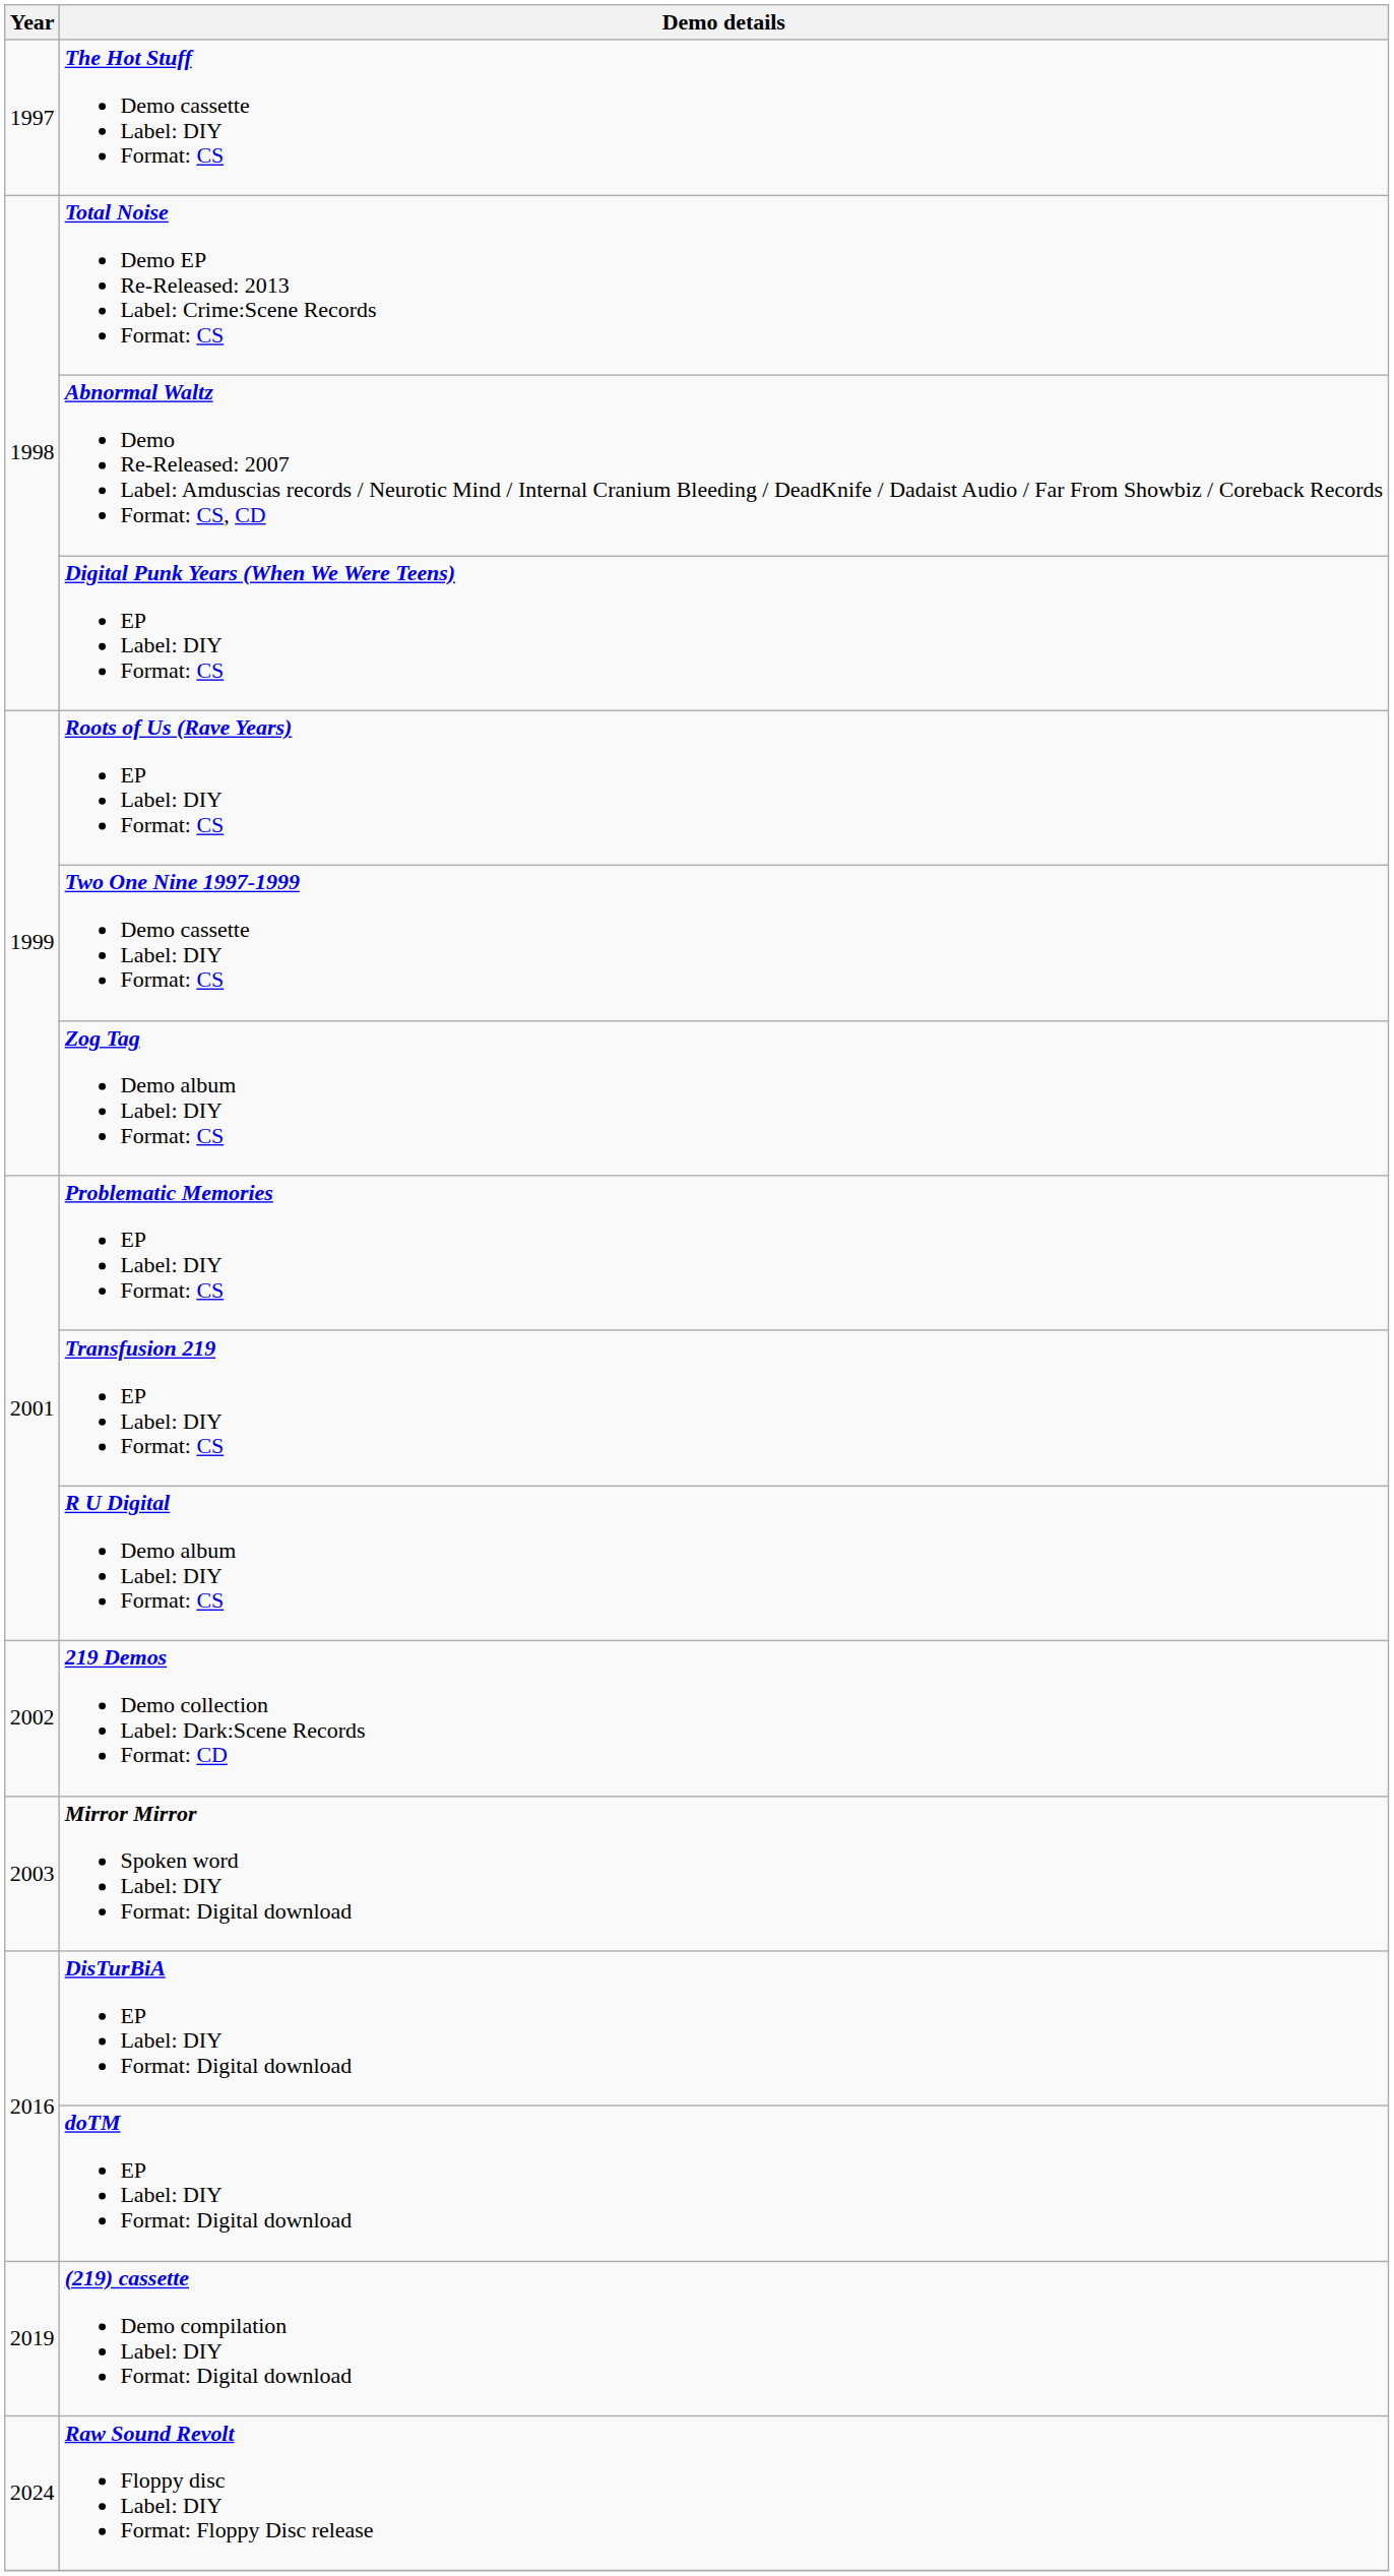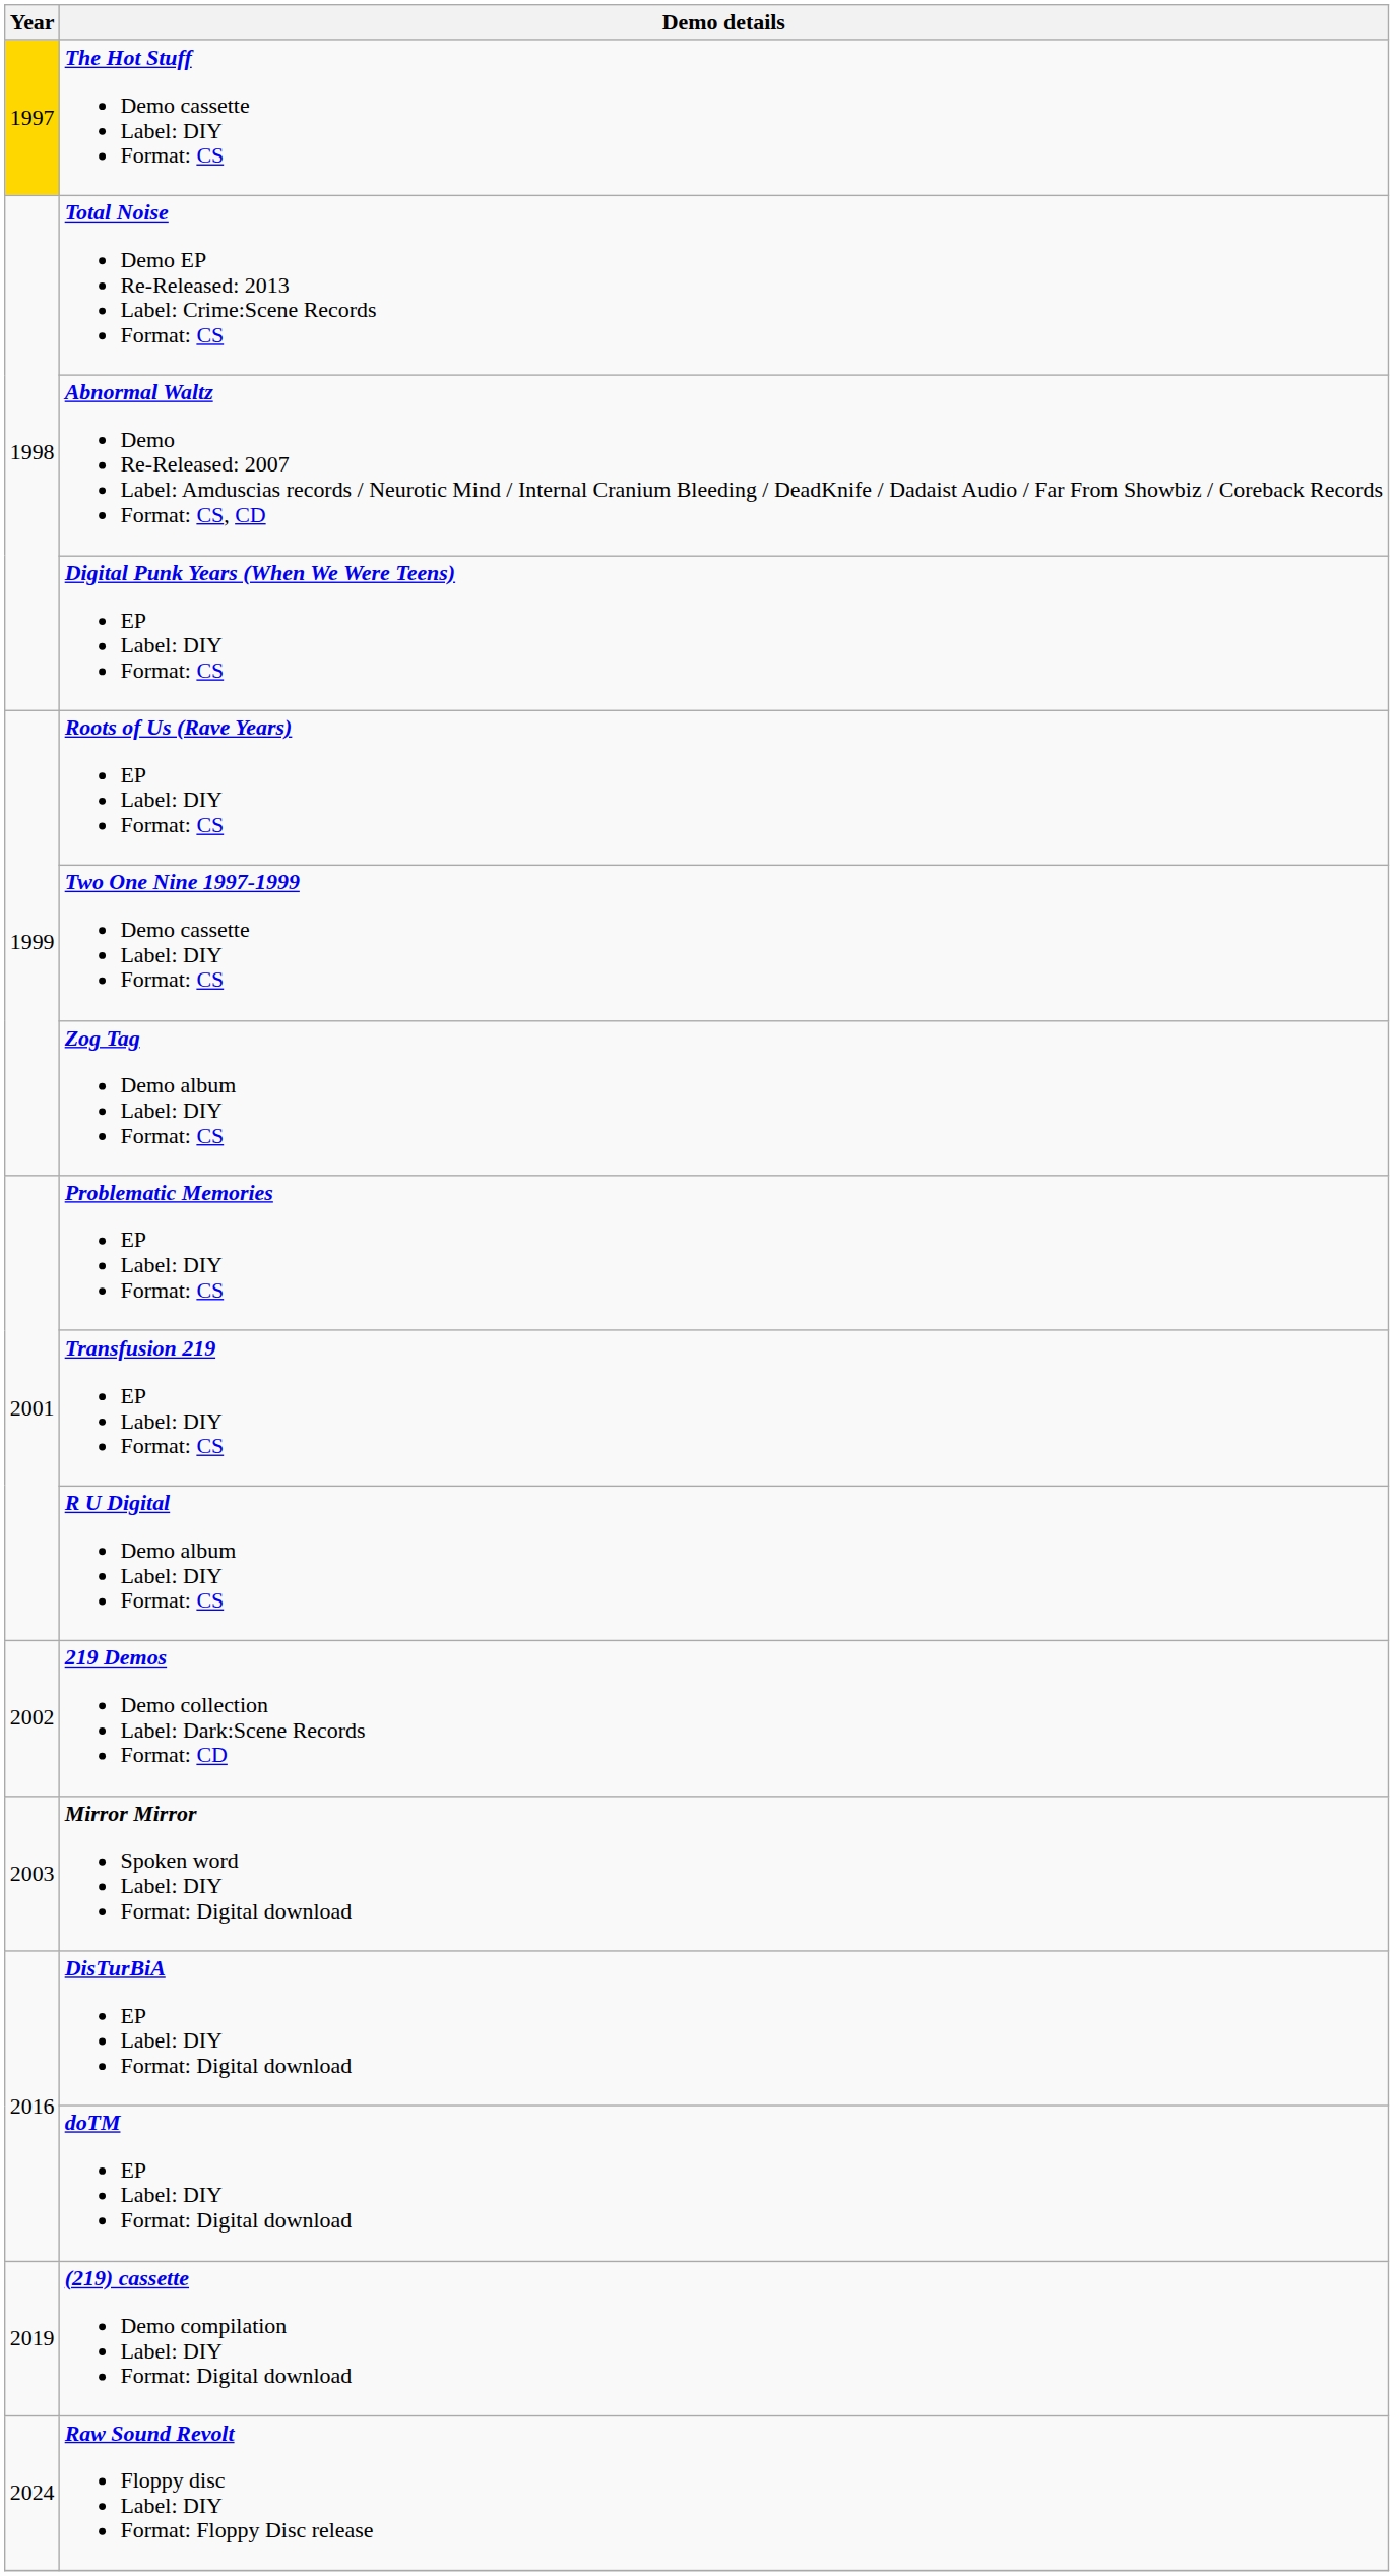 <table class ="wikitable">
 <tr>
 <th>Year</th>
 <th>Demo details</th>
 </tr>
 <tr>
-<td align="center" rowspan="1">1997</td>
+<td align="center" rowspan="1" style="background: gold;">1997</td>
 <td><strong><em><a href='#'>The Hot Stuff</a></em></strong><br><ul><li>Demo cassette</li><li>Label: DIY</li><li>Format: <a href='#'>CS</a></li></ul></td>
 </tr>
 <tr>
 <td align="center" rowspan="3">1998</td>
 <td><strong><em><a href='#'>Total Noise</a></em></strong><br><ul><li>Demo EP</li><li>Re-Released: 2013</li><li>Label: Crime:Scene Records</li><li>Format: <a href='#'>CS</a></li></ul></td>
 </tr>
 <tr>
 <td><strong><em><a href='#'>Abnormal Waltz</a></em></strong><br><ul><li>Demo</li><li>Re-Released: 2007</li><li>Label: Amduscias records / Neurotic Mind / Internal Cranium Bleeding / DeadKnife / Dadaist Audio / Far From Showbiz / Coreback Records</li><li>Format: <a href='#'>CS</a>, <a href='#'>CD</a></li></ul></td>
 </tr>
 <tr>
 <td><strong><em><a href='#'>Digital Punk Years (When We Were Teens)</a></em></strong><br><ul><li>EP</li><li>Label: DIY</li><li>Format: <a href='#'>CS</a></li></ul></td>
 </tr>
 <tr>
 <td align="center" rowspan="3">1999</td>
 <td><strong><em><a href='#'>Roots of Us (Rave Years)</a></em></strong><br><ul><li>EP</li><li>Label: DIY</li><li>Format: <a href='#'>CS</a></li></ul></td>
 </tr>
 <tr>
 <td><strong><em><a href='#'>Two One Nine 1997-1999</a></em></strong><br><ul><li>Demo cassette</li><li>Label: DIY</li><li>Format: <a href='#'>CS</a></li></ul></td>
 </tr>
 <tr>
 <td><strong><em><a href='#'>Zog Tag</a></em></strong><br><ul><li>Demo album</li><li>Label: DIY</li><li>Format: <a href='#'>CS</a></li></ul></td>
 </tr>
 <tr>
 <td align="center" rowspan="3">2001</td>
 <td><strong><em><a href='#'>Problematic Memories</a></em></strong><br><ul><li>EP</li><li>Label: DIY</li><li>Format: <a href='#'>CS</a></li></ul></td>
 </tr>
 <tr>
 <td><strong><em><a href='#'>Transfusion 219</a></em></strong><br><ul><li>EP</li><li>Label: DIY</li><li>Format: <a href='#'>CS</a></li></ul></td>
 </tr>
 <tr>
 <td><strong><em><a href='#'>R U Digital</a></em></strong><br><ul><li>Demo album</li><li>Label: DIY</li><li>Format: <a href='#'>CS</a></li></ul></td>
 </tr>
 <tr>
 <td align="center" rowspan="1">2002</td>
 <td><strong><em><a href='#'>219 Demos</a></em></strong><br><ul><li>Demo collection</li><li>Label: Dark:Scene Records</li><li>Format: <a href='#'>CD</a></li></ul></td>
 </tr>
 <tr>
 <td align="center" rowspan="1">2003</td>
 <td><strong><em>Mirror Mirror</em></strong><br><ul><li>Spoken word</li><li>Label: DIY</li><li>Format: Digital download</li></ul></td>
 </tr>
 <tr>
 <td align="center" rowspan="2">2016</td>
 <td><strong><em><a href='#'>DisTurBiA</a></em></strong><br><ul><li>EP</li><li>Label: DIY</li><li>Format: Digital download</li></ul></td>
 </tr>
 <tr>
 <td><strong><em><a href='#'>doTM</a></em></strong><br><ul><li>EP</li><li>Label: DIY</li><li>Format: Digital download</li></ul></td>
 </tr>
 <tr>
 <td align="center" rowspan="1">2019</td>
 <td><strong><em><a href='#'>(219) cassette</a></em></strong><br><ul><li>Demo compilation</li><li>Label: DIY</li><li>Format: Digital download</li></ul></td>
 </tr>
 <tr>
 <td align="center" rowspan="1">2024</td>
 <td><strong><em><a href='#'>Raw Sound Revolt</a></em></strong><br><ul><li>Floppy disc</li><li>Label: DIY</li><li>Format: Floppy Disc release</li></ul></td>
 </tr>
 <tr>
 </tr>
 </table>
